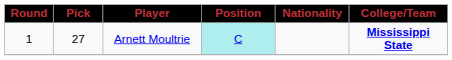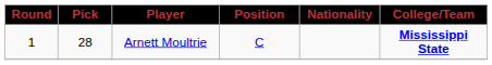 <table class="wikitable sortable">
 <tr>
 <th style="background:#000000; color:#BF2F38" width="10%">Round</th>
 <th style="background:#000000; color:#BF2F38" width="10%">Pick</th>
 <th style="background:#000000; color:#BF2F38" width="20%">Player</th>
 <th style="background:#000000; color:#BF2F38" width="15%">Position</th>
 <th style="background:#000000; color:#BF2F38" width="15%">Nationality</th>
 <th style="background:#000000; color:#BF2F38" width="20%">College/Team</th>
 </tr>
 <tr style="text-align: center">
 <td>1</td>
-<td>27</td>
+<td>28</td>
 <td><a href='#'>Arnett Moultrie</a> </td>
-<td style="background: paleturquoise;"><a href='#'>C</a></td>
+<td><a href='#'>C</a></td>
 <td></td>
 <td><strong><a href='#'>Mississippi State</a></strong></td>
 </tr>
 <tr style="text-align: center">
 </tr>
 </table>
